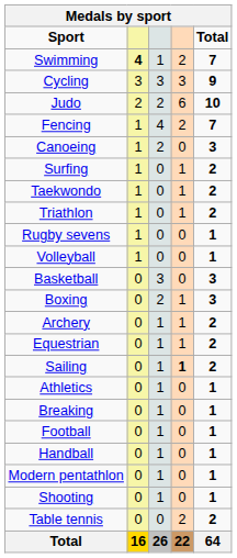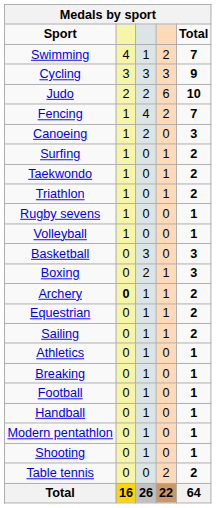 <table class="wikitable" style=font-size:85%;float:center;text-align:center>
 <tr style="background:#efefef;">
 <th colspan=5><strong>Medals by sport</strong></th>
 </tr>
 <tr align=center>
 <td><strong>Sport</strong></td>
 <td bgcolor=#f7f6a8></td>
 <td bgcolor=#dce5e5></td>
 <td bgcolor=#ffdab9></td>
 <td><strong>Total</strong></td>
 </tr>
 <tr align=center>
 <td><a href='#'>Swimming</a></td>
-<td style="background:#F7F6A8;"><strong>4</strong></td>
+<td style="background:#F7F6A8;">4</td>
 <td style="background:#DCE5E5;">1</td>
 <td style="background:#FFDAB9;">2</td>
 <td><strong>7</strong></td>
 </tr>
 <tr align=center>
 <td><a href='#'>Cycling</a></td>
 <td style="background:#F7F6A8;">3</td>
 <td style="background:#DCE5E5;">3</td>
 <td style="background:#FFDAB9;">3</td>
 <td><strong>9</strong></td>
 </tr>
 <tr align=center>
 <td><a href='#'>Judo</a></td>
 <td style="background:#F7F6A8;">2</td>
 <td style="background:#DCE5E5;">2</td>
 <td style="background:#FFDAB9;">6</td>
 <td><strong>10</strong></td>
 </tr>
 <tr align=center>
 <td><a href='#'>Fencing</a></td>
 <td style="background:#F7F6A8;">1</td>
 <td style="background:#DCE5E5;">4</td>
 <td style="background:#FFDAB9;">2</td>
 <td><strong>7</strong></td>
 </tr>
 <tr align=center>
 <td><a href='#'>Canoeing</a></td>
 <td style="background:#F7F6A8;">1</td>
 <td style="background:#DCE5E5;">2</td>
 <td style="background:#FFDAB9;">0</td>
 <td><strong>3</strong></td>
 </tr>
 <tr align=center>
 <td><a href='#'>Surfing</a></td>
 <td style="background:#F7F6A8;">1</td>
 <td style="background:#DCE5E5;">0</td>
 <td style="background:#FFDAB9;">1</td>
 <td><strong>2</strong></td>
 </tr>
 <tr align=center>
 <td><a href='#'>Taekwondo</a></td>
 <td style="background:#F7F6A8;">1</td>
 <td style="background:#DCE5E5;">0</td>
 <td style="background:#FFDAB9;">1</td>
 <td><strong>2</strong></td>
 </tr>
 <tr align=center>
 <td><a href='#'>Triathlon</a></td>
 <td style="background:#F7F6A8;">1</td>
 <td style="background:#DCE5E5;">0</td>
 <td style="background:#FFDAB9;">1</td>
 <td><strong>2</strong></td>
 </tr>
 <tr align=center>
 <td><a href='#'>Rugby sevens</a></td>
 <td style="background:#F7F6A8;">1</td>
 <td style="background:#DCE5E5;">0</td>
 <td style="background:#FFDAB9;">0</td>
 <td><strong>1</strong></td>
 </tr>
 <tr align=center>
 <td><a href='#'>Volleyball</a></td>
 <td style="background:#F7F6A8;">1</td>
 <td style="background:#DCE5E5;">0</td>
 <td style="background:#FFDAB9;">0</td>
 <td><strong>1</strong></td>
 </tr>
 <tr align=center>
 <td><a href='#'>Basketball</a></td>
 <td style="background:#F7F6A8;">0</td>
 <td style="background:#DCE5E5;">3</td>
 <td style="background:#FFDAB9;">0</td>
 <td><strong>3</strong></td>
 </tr>
 <tr align=center>
 <td><a href='#'>Boxing</a></td>
 <td style="background:#F7F6A8;">0</td>
 <td style="background:#DCE5E5;">2</td>
 <td style="background:#FFDAB9;">1</td>
 <td><strong>3</strong></td>
 </tr>
 <tr align=center>
 <td><a href='#'>Archery</a></td>
-<td style="background:#F7F6A8;">0</td>
+<td style="background:#F7F6A8;"><strong>0</strong></td>
 <td style="background:#DCE5E5;">1</td>
 <td style="background:#FFDAB9;">1</td>
 <td><strong>2</strong></td>
 </tr>
 <tr align=center>
 <td><a href='#'>Equestrian</a></td>
 <td style="background:#F7F6A8;">0</td>
 <td style="background:#DCE5E5;">1</td>
 <td style="background:#FFDAB9;">1</td>
 <td><strong>2</strong></td>
 </tr>
 <tr align=center>
 <td><a href='#'>Sailing</a></td>
 <td style="background:#F7F6A8;">0</td>
 <td style="background:#DCE5E5;">1</td>
-<td style="background:#FFDAB9;"><strong>1</strong></td>
+<td style="background:#FFDAB9;">1</td>
 <td><strong>2</strong></td>
 </tr>
 <tr align=center>
 <td><a href='#'>Athletics</a></td>
 <td style="background:#F7F6A8;">0</td>
 <td style="background:#DCE5E5;">1</td>
 <td style="background:#FFDAB9;">0</td>
 <td><strong>1</strong></td>
 </tr>
 <tr align=center>
 <td><a href='#'>Breaking</a></td>
 <td style="background:#F7F6A8;">0</td>
 <td style="background:#DCE5E5;">1</td>
 <td style="background:#FFDAB9;">0</td>
 <td><strong>1</strong></td>
 </tr>
 <tr align=center>
 <td><a href='#'>Football</a></td>
 <td style="background:#F7F6A8;">0</td>
 <td style="background:#DCE5E5;">1</td>
 <td style="background:#FFDAB9;">0</td>
 <td><strong>1</strong></td>
 </tr>
 <tr align=center>
 <td><a href='#'>Handball</a></td>
 <td style="background:#F7F6A8;">0</td>
 <td style="background:#DCE5E5;">1</td>
 <td style="background:#FFDAB9;">0</td>
 <td><strong>1</strong></td>
 </tr>
 <tr align=center>
 <td><a href='#'>Modern pentathlon</a></td>
 <td style="background:#F7F6A8;">0</td>
 <td style="background:#DCE5E5;">1</td>
 <td style="background:#FFDAB9;">0</td>
 <td><strong>1</strong></td>
 </tr>
 <tr align=center>
 <td><a href='#'>Shooting</a></td>
 <td style="background:#F7F6A8;">0</td>
 <td style="background:#DCE5E5;">1</td>
 <td style="background:#FFDAB9;">0</td>
 <td><strong>1</strong></td>
 </tr>
 <tr align=center>
 <td><a href='#'>Table tennis</a></td>
 <td style="background:#F7F6A8;">0</td>
 <td style="background:#DCE5E5;">0</td>
 <td style="background:#FFDAB9;">2</td>
 <td><strong>2</strong></td>
 </tr>
 <tr align=center>
 <th><strong>Total</strong></th>
 <th style="background:gold;"><strong>16</strong></th>
 <th style="background:silver;"><strong>26</strong></th>
 <th style="background:#c96;"><strong>22</strong></th>
 <th><strong>64</strong></th>
 </tr>
 </table>
